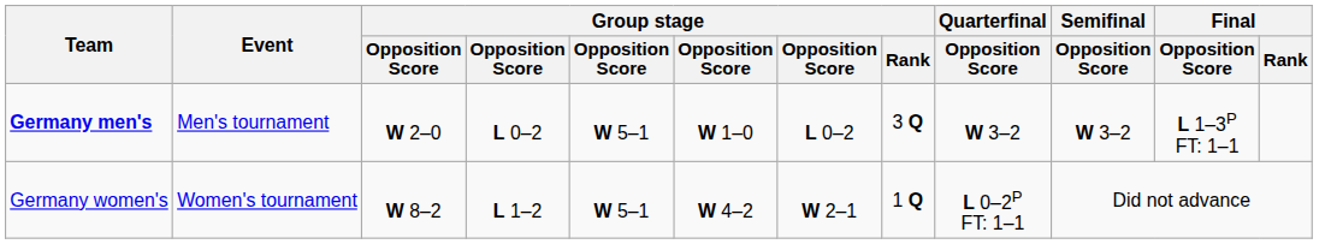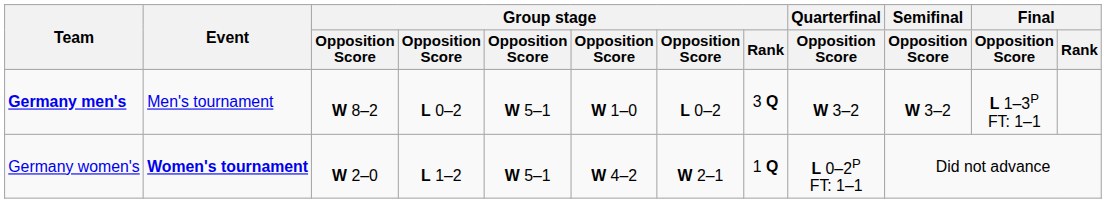 <table class=wikitable style=font-size:90%;text-align:center>
 <tr>
 <th rowspan=2>Team</th>
 <th rowspan=2>Event</th>
 <th colspan=6>Group stage</th>
 <th>Quarterfinal</th>
 <th>Semifinal</th>
 <th colspan=2>Final</th>
 </tr>
 <tr style=font-size:95%>
 <th>Opposition<br>Score</th>
 <th>Opposition<br>Score</th>
 <th>Opposition<br>Score</th>
 <th>Opposition<br>Score</th>
 <th>Opposition<br>Score</th>
 <th>Rank</th>
 <th>Opposition<br>Score</th>
 <th>Opposition<br>Score</th>
 <th>Opposition<br>Score</th>
 <th>Rank</th>
 </tr>
 <tr>
 <td align=left><strong><a href='#'>Germany men's</a></strong></td>
 <td align=left><a href='#'>Men's tournament</a></td>
-<td><br><strong>W</strong> 2–0</td>
+<td><br><strong>W</strong> 8–2</td>
 <td><br><strong>L</strong> 0–2</td>
 <td><br><strong>W</strong> 5–1</td>
 <td><br><strong>W</strong> 1–0</td>
 <td><br><strong>L</strong> 0–2</td>
 <td>3 <strong>Q</strong></td>
 <td><br><strong>W</strong> 3–2</td>
 <td><br><strong>W</strong> 3–2</td>
 <td><br><strong>L</strong> 1–3<sup>P</sup><br>FT: 1–1</td>
 <td></td>
 </tr>
 <tr>
 <td align=left><a href='#'>Germany women's</a></td>
-<td align=left><a href='#'>Women's tournament</a></td>
-<td><br><strong>W</strong> 8–2</td>
+<td align=left><strong><a href='#'>Women's tournament</a></strong></td>
+<td><br><strong>W</strong> 2–0</td>
 <td><br><strong>L</strong> 1–2</td>
 <td><br><strong>W</strong> 5–1</td>
 <td><br><strong>W</strong> 4–2</td>
 <td><br><strong>W</strong> 2–1</td>
 <td>1 <strong>Q</strong></td>
 <td><br><strong>L</strong> 0–2<sup>P</sup><br>FT: 1–1</td>
 <td colspan=3>Did not advance</td>
 </tr>
 </table>
